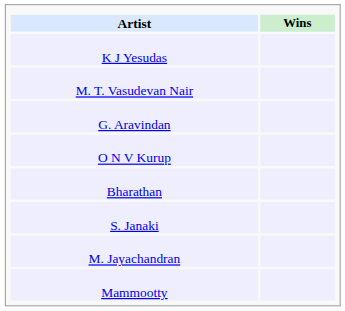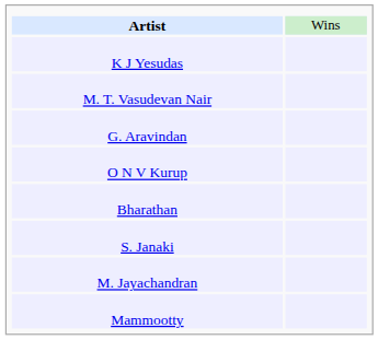 <table class="infobox" style="width: 25em; text-align: center; font-size: 70%; vertical-align: middle;">
 <tr>
 <td colspan="3" style="text-align:center;"></td>
 </tr>
 <tr style="background:#d9e8ff; text-align:center;">
 <th style="vertical-align: middle;">Artist</th>
-<td style="background:#cec; font-size:8pt; width:60px;"><strong>Wins</strong></td>
+<td style="background:#cec; font-size:8pt; width:60px;">Wins</td>
 </tr>
 <tr style="background:#eef;">
 <td style="text-align:center;"><br><a href='#'>K J Yesudas</a></td>
 <td></td>
 </tr>
 <tr style="background:#eef;">
 <td style="text-align:center;"><br><a href='#'>M. T. Vasudevan Nair</a></td>
 <td></td>
 </tr>
 <tr style="background:#eef;">
 <td style="text-align:center;"><br><a href='#'>G. Aravindan</a></td>
 <td></td>
 </tr>
 <tr style="background:#eef;">
 <td style="text-align:center;"><br><a href='#'>O N V Kurup</a></td>
 <td></td>
 </tr>
 <tr style="background:#eef;">
 <td style="text-align:center;"><br><a href='#'>Bharathan</a></td>
 <td></td>
 </tr>
 <tr style="background:#eef;">
 <td style="text-align:center;"><br><a href='#'>S. Janaki</a></td>
 <td></td>
 </tr>
 <tr style="background:#eef;">
 <td style="text-align:center;"><br><a href='#'>M. Jayachandran</a></td>
 <td></td>
 </tr>
 <tr style="background:#eef;">
 <td style="text-align:center;"><br><a href='#'>Mammootty</a></td>
 <td></td>
 </tr>
 </table>
